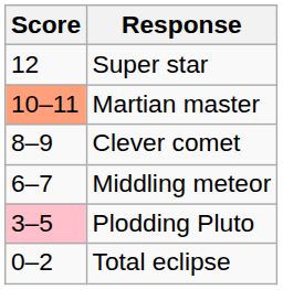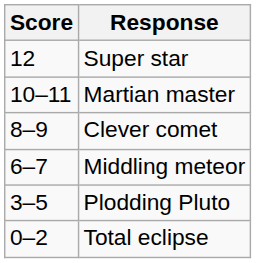 <table class="wikitable">
 <tr>
 <th>Score</th>
 <th>Response</th>
 </tr>
 <tr>
 <td>12</td>
 <td>Super star</td>
 </tr>
 <tr>
-<td style="background: lightsalmon;">10–11</td>
+<td>10–11</td>
 <td>Martian master</td>
 </tr>
 <tr>
 <td>8–9</td>
 <td>Clever comet</td>
 </tr>
 <tr>
 <td>6–7</td>
 <td>Middling meteor</td>
 </tr>
 <tr>
-<td style="background: pink;">3–5</td>
+<td>3–5</td>
 <td>Plodding Pluto</td>
 </tr>
 <tr>
 <td>0–2</td>
 <td>Total eclipse</td>
 </tr>
 </table>
